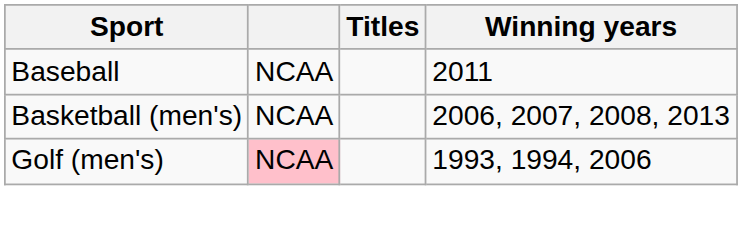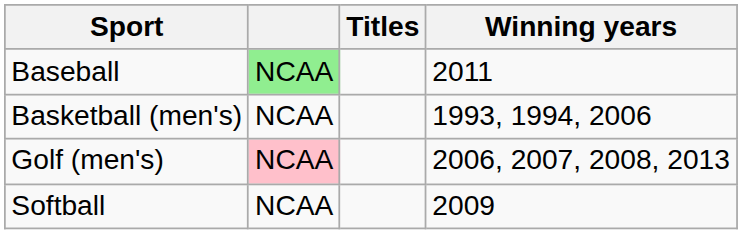 <table class="wikitable"; style= "text-align: ">
 <tr>
 <th width=px>Sport</th>
 <th width=px></th>
 <th width=px>Titles</th>
 <th width=px>Winning years</th>
 </tr>
 <tr>
 <td>Baseball</td>
-<td>NCAA</td>
+<td style="background: lightgreen;">NCAA</td>
 <td></td>
 <td>2011</td>
 </tr>
 <tr>
 <td>Basketball (men's)</td>
 <td>NCAA</td>
 <td></td>
-<td>2006, 2007, 2008, 2013</td>
+<td>1993, 1994, 2006</td>
 </tr>
 <tr>
 <td>Golf (men's)</td>
 <td style="background: pink;">NCAA</td>
 <td></td>
-<td>1993, 1994, 2006</td>
+<td>2006, 2007, 2008, 2013</td>
+</tr>
+<tr>
+<td>Softball</td>
+<td>NCAA</td>
+<td></td>
+<td>2009</td>
 </tr>
 </table>
